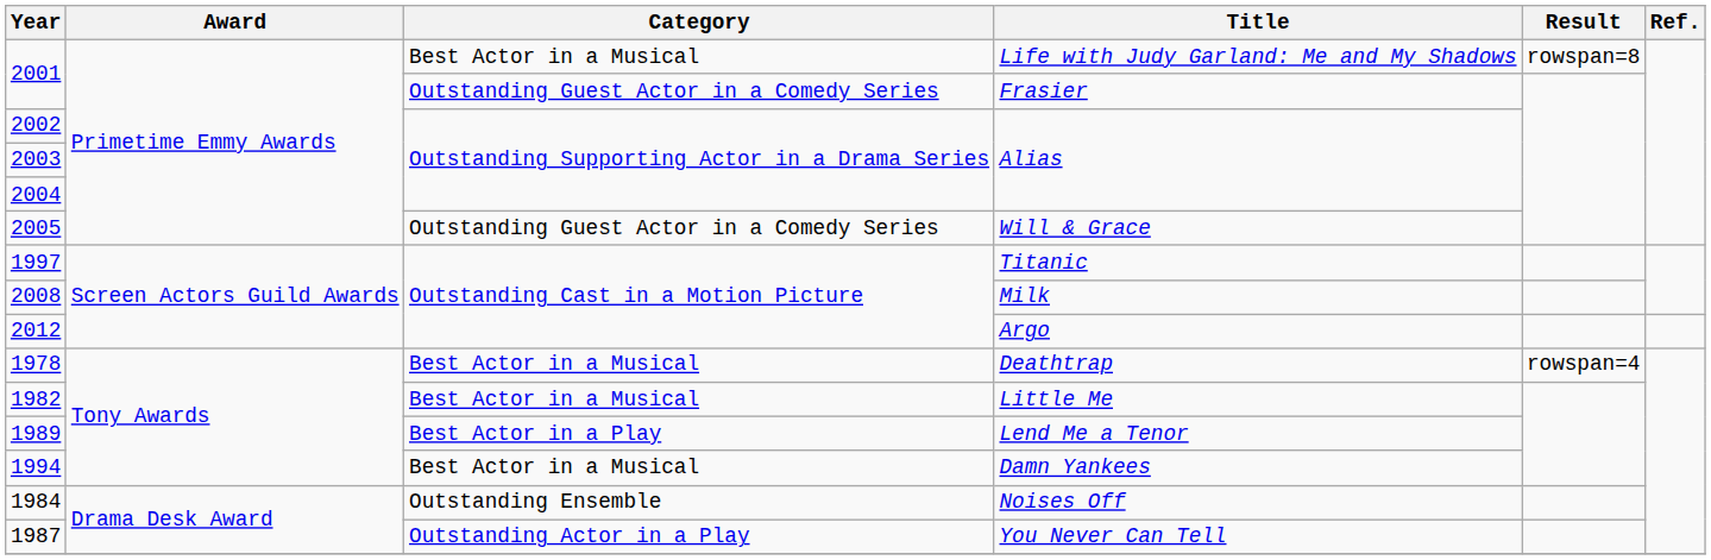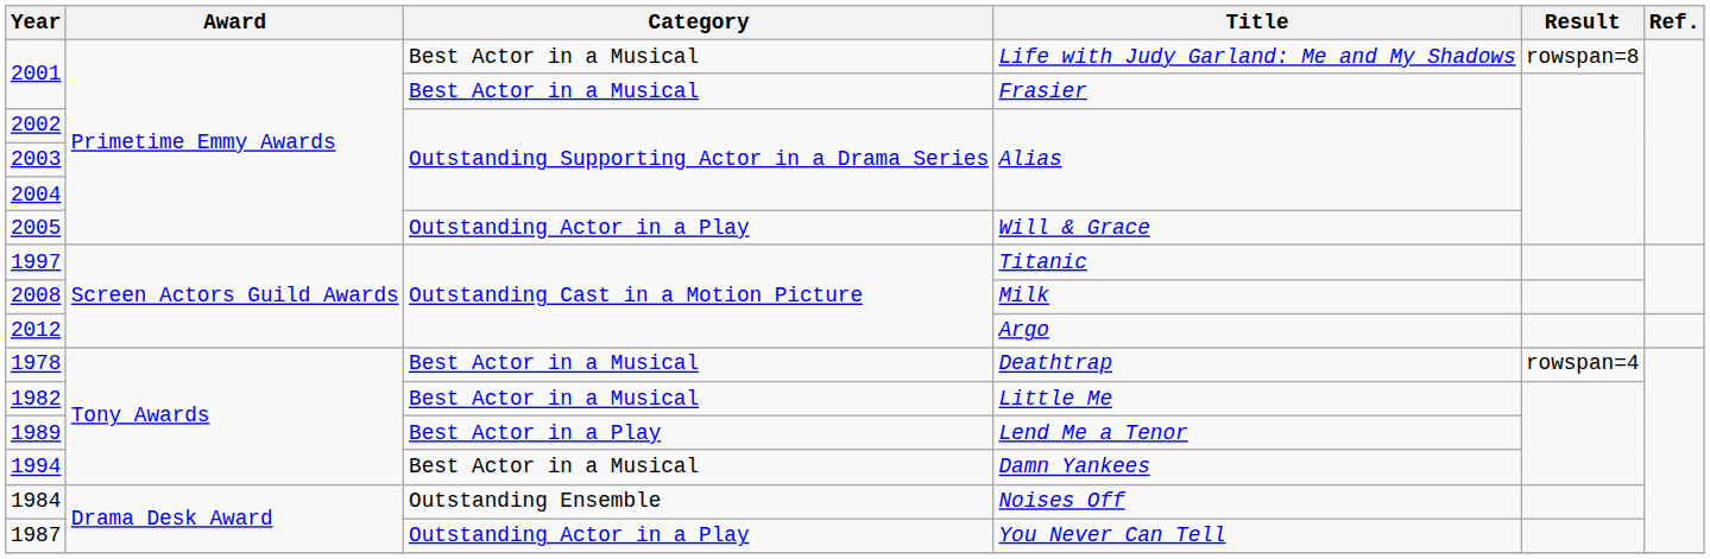 <table class="wikitable">
 <tr>
 <th>Year</th>
 <th>Award</th>
 <th>Category</th>
 <th class="unsortable">Title</th>
 <th>Result</th>
 <th>Ref.</th>
 </tr>
 <tr>
 <td rowspan=2><a href='#'>2001</a></td>
 <td rowspan=6><a href='#'>Primetime Emmy Awards</a></td>
 <td>Best Actor in a Musical</td>
 <td><em><a href='#'>Life with Judy Garland: Me and My Shadows</a></em></td>
 <td>rowspan=8 </td>
 <td rowspan=6></td>
 </tr>
 <tr>
-<td><a href='#'>Outstanding Guest Actor in a Comedy Series</a></td>
+<td><a href='#'>Best Actor in a Musical</a></td>
 <td><em><a href='#'>Frasier</a></em></td>
 </tr>
 <tr>
 <td><a href='#'>2002</a></td>
 <td rowspan=3><a href='#'>Outstanding Supporting Actor in a Drama Series</a></td>
 <td rowspan=3><em><a href='#'>Alias</a></em></td>
 </tr>
 <tr>
 <td><a href='#'>2003</a></td>
 </tr>
 <tr>
 <td><a href='#'>2004</a></td>
 </tr>
 <tr>
 <td><a href='#'>2005</a></td>
-<td>Outstanding Guest Actor in a Comedy Series</td>
+<td><a href='#'>Outstanding Actor in a Play</a></td>
 <td><em><a href='#'>Will & Grace</a></em></td>
 </tr>
 <tr>
 <td><a href='#'>1997</a></td>
 <td rowspan=3><a href='#'>Screen Actors Guild Awards</a></td>
 <td rowspan=3><a href='#'>Outstanding Cast in a Motion Picture</a></td>
 <td><em><a href='#'>Titanic</a></em></td>
 <td></td>
 </tr>
 <tr>
 <td><a href='#'>2008</a></td>
 <td><em><a href='#'>Milk</a></em></td>
 <td></td>
 </tr>
 <tr>
 <td><a href='#'>2012</a></td>
 <td><em><a href='#'>Argo</a></em></td>
 <td></td>
 <td></td>
 </tr>
 <tr>
 <td><a href='#'>1978</a></td>
 <td rowspan=4><a href='#'>Tony Awards</a></td>
 <td><a href='#'>Best Actor in a Musical</a></td>
 <td><em><a href='#'>Deathtrap</a></em></td>
 <td>rowspan=4 </td>
 <td rowspan=6></td>
 </tr>
 <tr>
 <td><a href='#'>1982</a></td>
 <td><a href='#'>Best Actor in a Musical</a></td>
 <td><em><a href='#'>Little Me</a></em></td>
 </tr>
 <tr>
 <td><a href='#'>1989</a></td>
 <td><a href='#'>Best Actor in a Play</a></td>
 <td><em><a href='#'>Lend Me a Tenor</a></em></td>
 </tr>
 <tr>
 <td><a href='#'>1994</a></td>
 <td>Best Actor in a Musical</td>
 <td><em><a href='#'>Damn Yankees</a></em></td>
 </tr>
 <tr>
 <td>1984</td>
 <td rowspan=2><a href='#'>Drama Desk Award</a></td>
 <td>Outstanding Ensemble</td>
 <td><em><a href='#'>Noises Off</a></em></td>
 <td></td>
 </tr>
 <tr>
 <td>1987</td>
 <td><a href='#'>Outstanding Actor in a Play</a></td>
 <td><em><a href='#'>You Never Can Tell</a></em></td>
 <td></td>
 </tr>
 <tr>
 </tr>
 </table>
